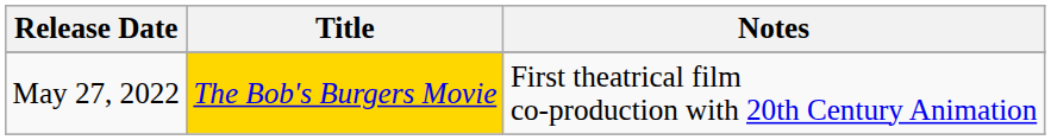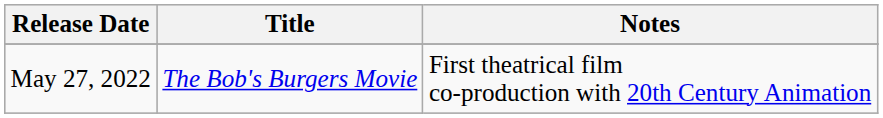 <table class="wikitable sortable">
 <tr>
 <th>Release Date</th>
 <th>Title</th>
 <th>Notes</th>
 </tr>
 <tr>
 </tr>
 <tr>
 <td>May 27, 2022</td>
-<td style="background: gold;"><em><a href='#'>The Bob's Burgers Movie</a></em></td>
+<td><em><a href='#'>The Bob's Burgers Movie</a></em></td>
 <td>First theatrical film<br>co-production with <a href='#'>20th Century Animation</a></td>
 </tr>
 </table>
